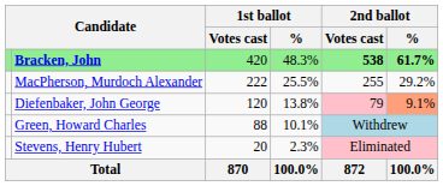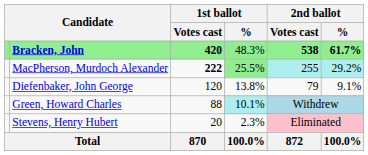 <table class="wikitable">
 <tr>
 <th rowspan="2" colspan="2">Candidate</th>
 <th colspan="2">1st ballot</th>
 <th colspan="2">2nd ballot</th>
 </tr>
 <tr>
 <th>Votes cast</th>
 <th>%</th>
 <th>Votes cast</th>
 <th>%</th>
 </tr>
 <tr style="background:lightgreen;">
 <td></td>
 <td><strong><a href='#'>Bracken, John</a></strong></td>
-<td align="right">420</td>
+<td align="right"><strong>420</strong></td>
 <td align="right">48.3%</td>
 <td align="right"><strong>538</strong></td>
 <td align="right"><strong>61.7%</strong></td>
 </tr>
 <tr>
 <td></td>
 <td><a href='#'>MacPherson, Murdoch Alexander</a></td>
-<td align="right">222</td>
-<td align="right">25.5%</td>
-<td align="right">255</td>
-<td align="right">29.2%</td>
+<td align="right"><strong>222</strong></td>
+<td align="right" style="background: lightgreen;">25.5%</td>
+<td align="right" style="background: paleturquoise;">255</td>
+<td align="right" style="background: paleturquoise;">29.2%</td>
 </tr>
 <tr>
 <td></td>
 <td><a href='#'>Diefenbaker, John George</a></td>
 <td align="right">120</td>
 <td align="right">13.8%</td>
-<td align="right" style="background: pink;">79</td>
-<td align="right" style="background: lightsalmon;">9.1%</td>
+<td align="right">79</td>
+<td align="right">9.1%</td>
 </tr>
 <tr>
 <td></td>
 <td><a href='#'>Green, Howard Charles</a></td>
 <td align="right">88</td>
-<td align="right">10.1%</td>
+<td align="right" style="background: paleturquoise;">10.1%</td>
 <td style="text-align:center; background:lightblue;" colspan="2">Withdrew</td>
 </tr>
 <tr>
 <td></td>
 <td><a href='#'>Stevens, Henry Hubert</a></td>
 <td align="right">20</td>
 <td align="right">2.3%</td>
 <td style="text-align:center; background:pink;" colspan="2">Eliminated</td>
 </tr>
 <tr>
 <th colspan="2">Total</th>
 <th align="right">870</th>
 <th align="right">100.0%</th>
 <th align="right">872</th>
 <th align="right">100.0%</th>
 </tr>
 </table>
